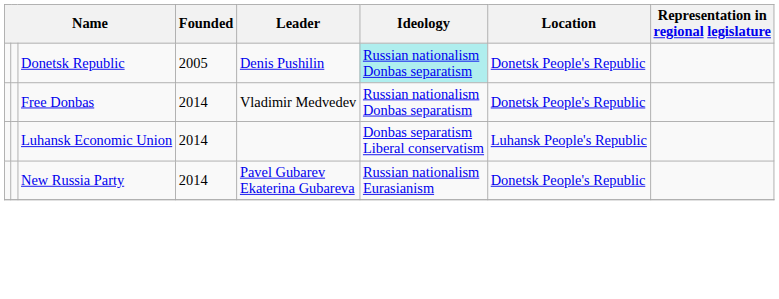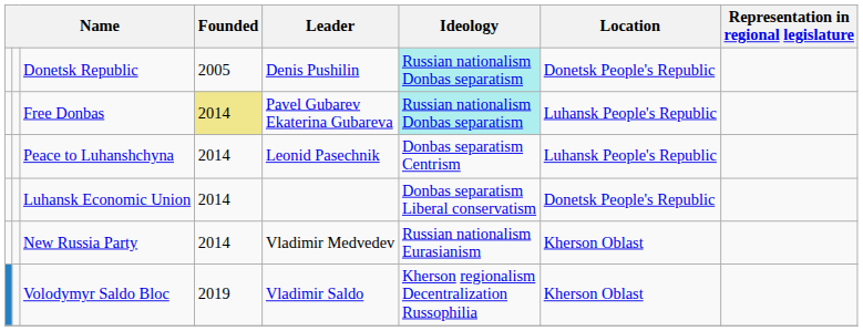 <table class="wikitable sortable">
 <tr>
 <th colspan="3">Name</th>
 <th>Founded</th>
 <th>Leader</th>
 <th>Ideology</th>
 <th>Location</th>
 <th>Representation in<br><a href='#'>regional</a> <a href='#'>legislature</a></th>
 </tr>
 <tr>
 <td style="background-color: "></td>
 <td align="center"></td>
 <td><a href='#'>Donetsk Republic</a></td>
 <td>2005</td>
 <td><a href='#'>Denis Pushilin</a></td>
 <td style="background: paleturquoise;"><a href='#'>Russian nationalism</a><br><a href='#'>Donbas separatism</a></td>
 <td><a href='#'>Donetsk People's Republic</a></td>
 <td></td>
 </tr>
 <tr>
 <td style="background-color: "></td>
 <td></td>
 <td><a href='#'>Free Donbas</a></td>
+<td style="background: khaki;">2014</td>
+<td><a href='#'>Pavel Gubarev</a><br><a href='#'>Ekaterina Gubareva</a></td>
+<td style="background: paleturquoise;"><a href='#'>Russian nationalism</a><br><a href='#'>Donbas separatism</a></td>
+<td><a href='#'>Luhansk People's Republic</a></td>
+<td></td>
+</tr>
+<tr>
+<td style="background-color: "></td>
+<td></td>
+<td><a href='#'>Peace to Luhanshchyna</a></td>
 <td>2014</td>
-<td>Vladimir Medvedev</td>
-<td><a href='#'>Russian nationalism</a><br><a href='#'>Donbas separatism</a></td>
-<td><a href='#'>Donetsk People's Republic</a></td>
+<td><a href='#'>Leonid Pasechnik</a></td>
+<td><a href='#'>Donbas separatism</a><br><a href='#'>Centrism</a> </td>
+<td><a href='#'>Luhansk People's Republic</a></td>
 <td></td>
 </tr>
 <tr>
 <td style="background-color: "></td>
 <td></td>
 <td><a href='#'>Luhansk Economic Union</a></td>
 <td>2014</td>
 <td></td>
 <td><a href='#'>Donbas separatism</a><br><a href='#'>Liberal conservatism</a></td>
-<td><a href='#'>Luhansk People's Republic</a></td>
+<td><a href='#'>Donetsk People's Republic</a></td>
 <td></td>
 </tr>
 <tr>
 <td style="background-color: "></td>
 <td></td>
 <td><a href='#'>New Russia Party</a></td>
 <td>2014</td>
-<td><a href='#'>Pavel Gubarev</a><br><a href='#'>Ekaterina Gubareva</a></td>
+<td>Vladimir Medvedev</td>
 <td><a href='#'>Russian nationalism</a><br><a href='#'>Eurasianism</a></td>
-<td><a href='#'>Donetsk People's Republic</a></td>
+<td><a href='#'>Kherson Oblast</a></td>
+<td></td>
+</tr>
+<tr>
+<td style="background-color: #2581C4"></td>
+<td></td>
+<td><a href='#'>Volodymyr Saldo Bloc</a></td>
+<td>2019</td>
+<td><a href='#'>Vladimir Saldo</a></td>
+<td><a href='#'>Kherson</a> <a href='#'>regionalism</a><br><a href='#'>Decentralization</a><br><a href='#'>Russophilia</a></td>
+<td><a href='#'>Kherson Oblast</a></td>
 <td></td>
 </tr>
 <tr>
 </tr>
 </table>
